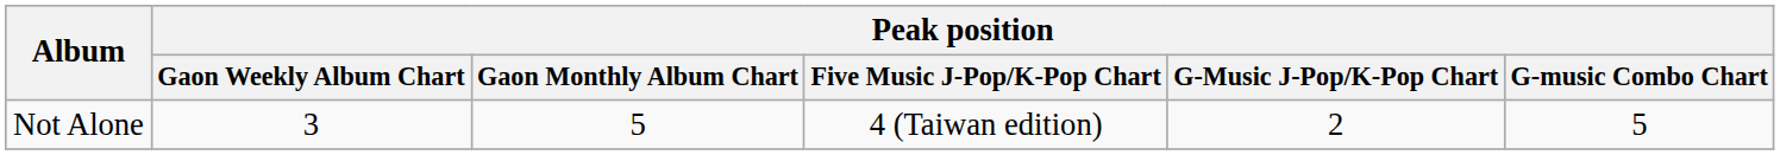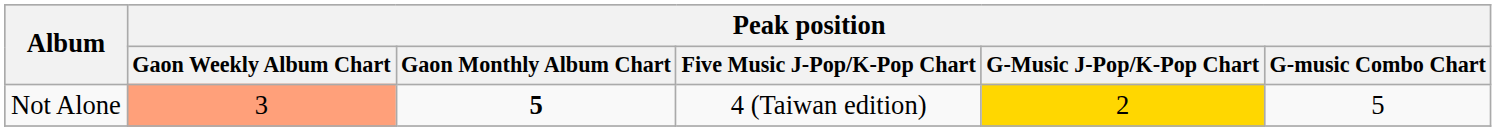 <table class="wikitable" style="text-align:center;">
 <tr>
 <th rowspan="2">Album</th>
 <th colspan="9">Peak position</th>
 </tr>
 <tr style="font-size:smaller;">
 <th><strong>Gaon Weekly Album Chart</strong></th>
 <th><strong>Gaon Monthly Album Chart</strong></th>
 <th><strong>Five Music J-Pop/K-Pop Chart</strong></th>
 <th><strong>G-Music J-Pop/K-Pop Chart</strong></th>
 <th><strong>G-music Combo Chart</strong> </th>
 </tr>
 <tr>
 <td align="left">Not Alone</td>
-<td>3</td>
-<td>5</td>
+<td style="background: lightsalmon;">3</td>
+<td><strong>5</strong></td>
 <td>4 (Taiwan edition)</td>
-<td>2</td>
+<td style="background: gold;">2</td>
 <td>5</td>
 </tr>
 </table>
